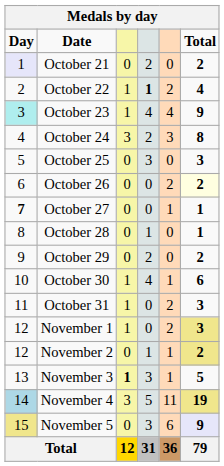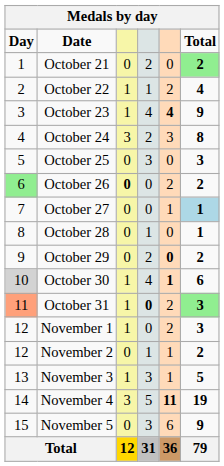 <table class="wikitable" style="font-size:85%; float:right">
 <tr align=center>
 <th colspan=6>Medals by day</th>
 </tr>
 <tr align=center>
 <td><strong>Day</strong></td>
 <td><strong>Date</strong></td>
 <td bgcolor=#f7f6a8></td>
 <td bgcolor=#dce5e5></td>
 <td bgcolor=#ffdab9></td>
 <td><strong>Total</strong></td>
 </tr>
 <tr align=center>
-<td style="background: lavender;">1</td>
+<td>1</td>
 <td>October 21</td>
 <td bgcolor=F7F6A8>0</td>
 <td bgcolor=DCE5E5>2</td>
 <td bgcolor=FFDAB9>0</td>
-<td><strong>2</strong></td>
+<td style="background: lightgreen;"><strong>2</strong></td>
 </tr>
 <tr align=center>
 <td>2</td>
 <td>October 22</td>
 <td bgcolor=F7F6A8>1</td>
-<td bgcolor=DCE5E5><strong>1</strong></td>
+<td bgcolor=DCE5E5>1</td>
 <td bgcolor=FFDAB9>2</td>
 <td><strong>4</strong></td>
 </tr>
 <tr align=center>
-<td style="background: paleturquoise;">3</td>
+<td>3</td>
 <td>October 23</td>
 <td bgcolor=F7F6A8>1</td>
 <td bgcolor=DCE5E5>4</td>
-<td bgcolor=FFDAB9>4</td>
+<td bgcolor=FFDAB9><strong>4</strong></td>
 <td><strong>9</strong></td>
 </tr>
 <tr align=center>
 <td>4</td>
 <td>October 24</td>
 <td bgcolor=F7F6A8>3</td>
 <td bgcolor=DCE5E5>2</td>
 <td bgcolor=FFDAB9>3</td>
 <td><strong>8</strong></td>
 </tr>
 <tr align=center>
 <td>5</td>
 <td>October 25</td>
 <td bgcolor=F7F6A8>0</td>
 <td bgcolor=DCE5E5>3</td>
 <td bgcolor=FFDAB9>0</td>
 <td><strong>3</strong></td>
 </tr>
 <tr align=center>
-<td>6</td>
+<td style="background: lightgreen;">6</td>
 <td>October 26</td>
-<td bgcolor=F7F6A8>0</td>
+<td bgcolor=F7F6A8><strong>0</strong></td>
 <td bgcolor=DCE5E5>0</td>
 <td bgcolor=FFDAB9>2</td>
-<td style="background: lightyellow;"><strong>2</strong></td>
+<td><strong>2</strong></td>
 </tr>
 <tr align=center>
-<td><strong>7</strong></td>
+<td>7</td>
 <td>October 27</td>
 <td bgcolor=F7F6A8>0</td>
 <td bgcolor=DCE5E5>0</td>
 <td bgcolor=FFDAB9>1</td>
-<td><strong>1</strong></td>
+<td style="background: lightblue;"><strong>1</strong></td>
 </tr>
 <tr align=center>
 <td>8</td>
 <td>October 28</td>
 <td bgcolor=F7F6A8>0</td>
 <td bgcolor=DCE5E5>1</td>
 <td bgcolor=FFDAB9>0</td>
 <td><strong>1</strong></td>
 </tr>
 <tr align=center>
 <td>9</td>
 <td>October 29</td>
 <td bgcolor=F7F6A8>0</td>
 <td bgcolor=DCE5E5>2</td>
-<td bgcolor=FFDAB9>0</td>
+<td bgcolor=FFDAB9><strong>0</strong></td>
 <td><strong>2</strong></td>
 </tr>
 <tr align=center>
-<td>10</td>
+<td style="background: lightgrey;">10</td>
 <td>October 30</td>
 <td bgcolor=F7F6A8>1</td>
 <td bgcolor=DCE5E5>4</td>
-<td bgcolor=FFDAB9>1</td>
+<td bgcolor=FFDAB9><strong>1</strong></td>
 <td><strong>6</strong></td>
 </tr>
 <tr align=center>
-<td>11</td>
+<td style="background: lightsalmon;">11</td>
 <td>October 31</td>
+<td bgcolor=F7F6A8>1</td>
+<td bgcolor=DCE5E5><strong>0</strong></td>
+<td bgcolor=FFDAB9>2</td>
+<td style="background: lightgreen;"><strong>3</strong></td>
+</tr>
+<tr align=center>
+<td>12</td>
+<td nowrap>November 1</td>
 <td bgcolor=F7F6A8>1</td>
 <td bgcolor=DCE5E5>0</td>
 <td bgcolor=FFDAB9>2</td>
 <td><strong>3</strong></td>
 </tr>
 <tr align=center>
 <td>12</td>
-<td nowrap>November 1</td>
-<td bgcolor=F7F6A8>1</td>
-<td bgcolor=DCE5E5>0</td>
-<td bgcolor=FFDAB9>2</td>
-<td style="background: khaki;"><strong>3</strong></td>
-</tr>
-<tr align=center>
-<td>12</td>
 <td>November 2</td>
 <td bgcolor=F7F6A8>0</td>
 <td bgcolor=DCE5E5>1</td>
 <td bgcolor=FFDAB9>1</td>
-<td style="background: khaki;"><strong>2</strong></td>
+<td><strong>2</strong></td>
 </tr>
 <tr align=center>
 <td>13</td>
 <td>November 3</td>
-<td bgcolor=F7F6A8><strong>1</strong></td>
+<td bgcolor=F7F6A8>1</td>
 <td bgcolor=DCE5E5>3</td>
 <td bgcolor=FFDAB9>1</td>
 <td><strong>5</strong></td>
 </tr>
 <tr align=center>
-<td style="background: lightblue;">14</td>
+<td>14</td>
 <td>November 4</td>
 <td bgcolor=F7F6A8>3</td>
 <td bgcolor=DCE5E5>5</td>
-<td bgcolor=FFDAB9>11</td>
-<td style="background: khaki;"><strong>19</strong></td>
+<td bgcolor=FFDAB9><strong>11</strong></td>
+<td><strong>19</strong></td>
 </tr>
 <tr align=center>
-<td style="background: khaki;">15</td>
+<td>15</td>
 <td>November 5</td>
 <td bgcolor=F7F6A8>0</td>
 <td bgcolor=DCE5E5>3</td>
 <td bgcolor=FFDAB9>6</td>
-<td style="background: lavender;"><strong>9</strong></td>
+<td><strong>9</strong></td>
 </tr>
 <tr>
 <th colspan=2>Total</th>
 <th style=background:gold>12</th>
 <th style=background:silver>31</th>
 <th style=background:#C96>36</th>
 <th>79</th>
 </tr>
 </table>
